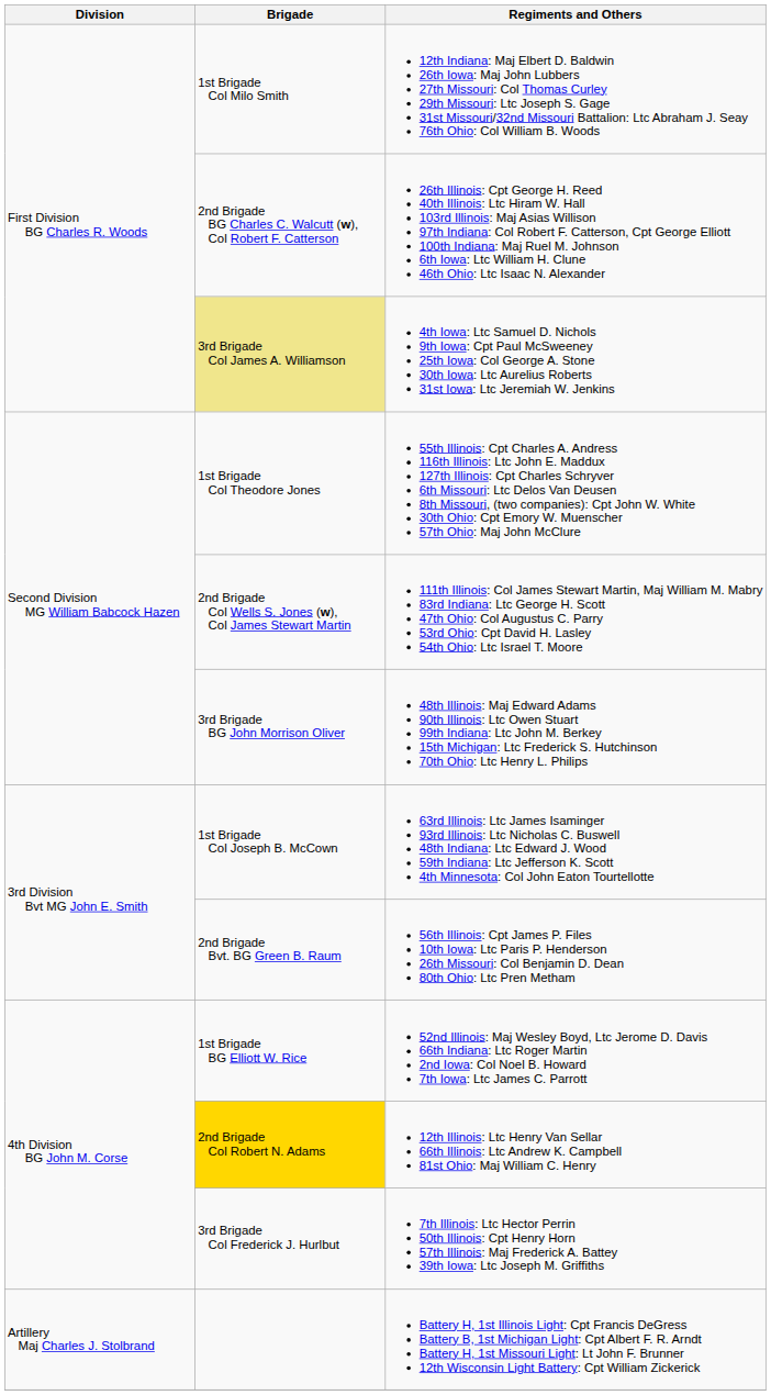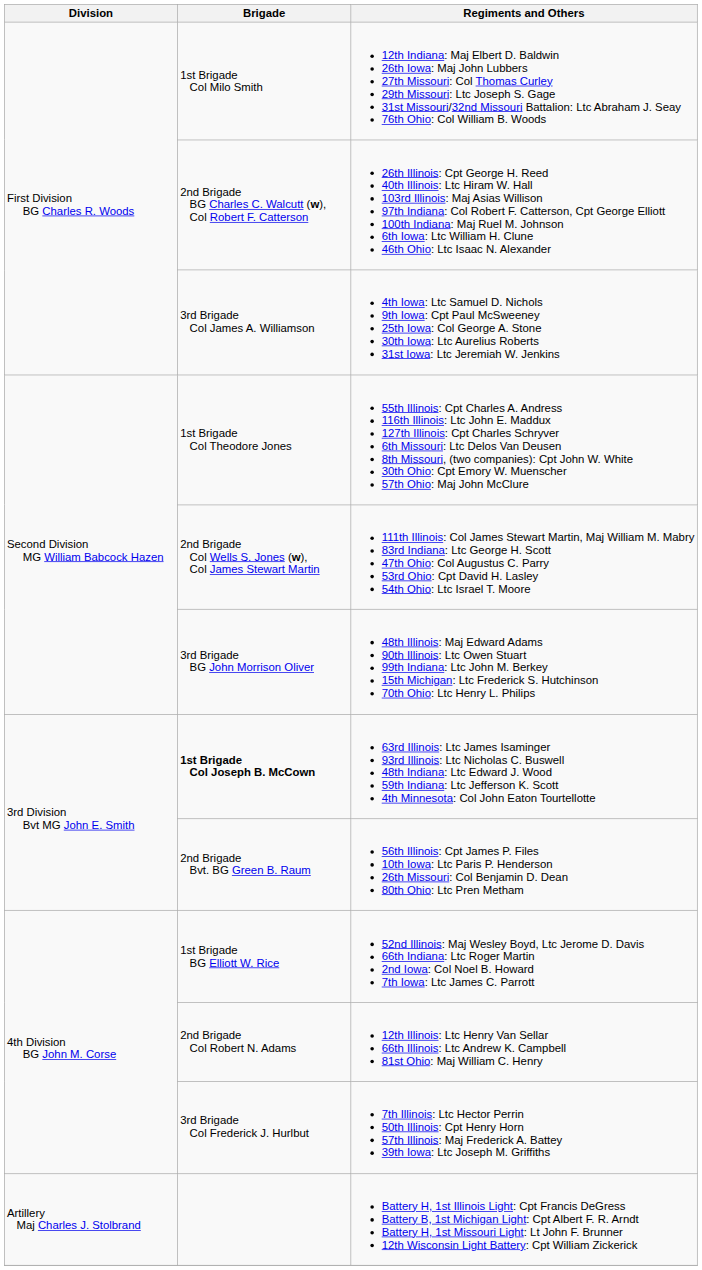 <table class="wikitable">
 <tr>
 <th width=25%>Division</th>
 <th width=25%>Brigade</th>
 <th>Regiments and Others</th>
 </tr>
 <tr>
 <td rowspan=3><br>First Division <br>     BG <a href='#'>Charles R. Woods</a></td>
 <td>1st Brigade<br>   Col Milo Smith</td>
 <td><br><ul><li><a href='#'>12th Indiana</a>: Maj Elbert D. Baldwin</li><li><a href='#'>26th Iowa</a>: Maj John Lubbers</li><li><a href='#'>27th Missouri</a>: Col <a href='#'>Thomas Curley</a></li><li><a href='#'>29th Missouri</a>: Ltc Joseph S. Gage</li><li><a href='#'>31st Missouri</a>/<a href='#'>32nd Missouri</a> Battalion: Ltc Abraham J. Seay</li><li><a href='#'>76th Ohio</a>: Col William B. Woods</li></ul></td>
 </tr>
 <tr>
 <td>2nd Brigade<br>   BG <a href='#'>Charles C. Walcutt</a> (<strong>w</strong>),<br>   Col <a href='#'>Robert F. Catterson</a></td>
 <td><br><ul><li><a href='#'>26th Illinois</a>: Cpt George H. Reed</li><li><a href='#'>40th Illinois</a>: Ltc Hiram W. Hall</li><li><a href='#'>103rd Illinois</a>: Maj Asias Willison</li><li><a href='#'>97th Indiana</a>: Col Robert F. Catterson, Cpt George Elliott</li><li><a href='#'>100th Indiana</a>: Maj Ruel M. Johnson</li><li><a href='#'>6th Iowa</a>: Ltc William H. Clune</li><li><a href='#'>46th Ohio</a>: Ltc Isaac N. Alexander</li></ul></td>
 </tr>
 <tr>
-<td style="background: khaki;">3rd Brigade<br>   Col James A. Williamson</td>
+<td>3rd Brigade<br>   Col James A. Williamson</td>
 <td><br><ul><li><a href='#'>4th Iowa</a>: Ltc Samuel D. Nichols</li><li><a href='#'>9th Iowa</a>: Cpt Paul McSweeney</li><li><a href='#'>25th Iowa</a>: Col George A. Stone</li><li><a href='#'>30th Iowa</a>: Ltc Aurelius Roberts</li><li><a href='#'>31st Iowa</a>: Ltc Jeremiah W. Jenkins</li></ul></td>
 </tr>
 <tr>
 <td rowspan=3><br>Second Division <br>     MG <a href='#'>William Babcock Hazen</a></td>
 <td>1st Brigade<br>   Col Theodore Jones</td>
 <td><br><ul><li><a href='#'>55th Illinois</a>: Cpt Charles A. Andress</li><li><a href='#'>116th Illinois</a>: Ltc John E. Maddux</li><li><a href='#'>127th Illinois</a>: Cpt Charles Schryver</li><li><a href='#'>6th Missouri</a>: Ltc Delos Van Deusen</li><li><a href='#'>8th Missouri</a>, (two companies): Cpt John W. White</li><li><a href='#'>30th Ohio</a>:  Cpt Emory W. Muenscher</li><li><a href='#'>57th Ohio</a>: Maj John McClure</li></ul></td>
 </tr>
 <tr>
 <td>2nd Brigade<br>   Col <a href='#'>Wells S. Jones</a> (<strong>w</strong>),<br>   Col <a href='#'>James Stewart Martin</a></td>
 <td><br><ul><li><a href='#'>111th Illinois</a>: Col James Stewart Martin, Maj William M. Mabry</li><li><a href='#'>83rd Indiana</a>: Ltc George H. Scott</li><li><a href='#'>47th Ohio</a>: Col Augustus C. Parry</li><li><a href='#'>53rd Ohio</a>: Cpt David H. Lasley</li><li><a href='#'>54th Ohio</a>: Ltc Israel T. Moore</li></ul></td>
 </tr>
 <tr>
 <td>3rd Brigade<br>   BG <a href='#'>John Morrison Oliver</a></td>
 <td><br><ul><li><a href='#'>48th Illinois</a>: Maj Edward Adams</li><li><a href='#'>90th Illinois</a>: Ltc Owen Stuart</li><li><a href='#'>99th Indiana</a>: Ltc John M. Berkey</li><li><a href='#'>15th Michigan</a>: Ltc Frederick S. Hutchinson</li><li><a href='#'>70th Ohio</a>: Ltc Henry L. Philips</li></ul></td>
 </tr>
 <tr>
 <td rowspan=2><br>3rd Division <br>     Bvt MG <a href='#'>John E. Smith</a></td>
-<td>1st Brigade<br>   Col Joseph B. McCown</td>
+<td><strong>1st Brigade<br>   Col Joseph B. McCown</strong></td>
 <td><br><ul><li><a href='#'>63rd Illinois</a>: Ltc James Isaminger</li><li><a href='#'>93rd Illinois</a>: Ltc Nicholas C. Buswell</li><li><a href='#'>48th Indiana</a>: Ltc Edward J. Wood</li><li><a href='#'>59th Indiana</a>: Ltc Jefferson K. Scott</li><li><a href='#'>4th Minnesota</a>: Col John Eaton Tourtellotte</li></ul></td>
 </tr>
 <tr>
 <td>2nd Brigade<br>   Bvt. BG <a href='#'>Green B. Raum</a>   </td>
 <td><br><ul><li><a href='#'>56th Illinois</a>: Cpt James P. Files</li><li><a href='#'>10th Iowa</a>: Ltc Paris P. Henderson</li><li><a href='#'>26th Missouri</a>: Col Benjamin D. Dean</li><li><a href='#'>80th Ohio</a>: Ltc Pren Metham</li></ul></td>
 </tr>
 <tr>
 <td rowspan="3"><br>4th Division <br>     BG <a href='#'>John M. Corse</a></td>
 <td>1st Brigade<br>   BG <a href='#'>Elliott W. Rice</a></td>
 <td><br><ul><li><a href='#'>52nd Illinois</a>: Maj Wesley Boyd, Ltc Jerome D. Davis</li><li><a href='#'>66th Indiana</a>: Ltc Roger Martin</li><li><a href='#'>2nd Iowa</a>: Col Noel B. Howard</li><li><a href='#'>7th Iowa</a>: Ltc James C. Parrott</li></ul></td>
 </tr>
 <tr>
-<td style="background: gold;">2nd Brigade<br>   Col Robert N. Adams</td>
+<td>2nd Brigade<br>   Col Robert N. Adams</td>
 <td><br><ul><li><a href='#'>12th Illinois</a>: Ltc Henry Van Sellar</li><li><a href='#'>66th Illinois</a>: Ltc Andrew K. Campbell</li><li><a href='#'>81st Ohio</a>: Maj William C. Henry</li></ul></td>
 </tr>
 <tr>
 <td>3rd Brigade<br>   Col Frederick J. Hurlbut</td>
 <td><br><ul><li><a href='#'>7th Illinois</a>: Ltc Hector Perrin</li><li><a href='#'>50th Illinois</a>: Cpt Henry Horn</li><li><a href='#'>57th Illinois</a>: Maj Frederick A. Battey</li><li><a href='#'>39th Iowa</a>: Ltc Joseph M. Griffiths</li></ul></td>
 </tr>
 <tr>
 <td>Artillery<br>   Maj <a href='#'>Charles J. Stolbrand</a></td>
 <td></td>
 <td><br><ul><li><a href='#'>Battery H, 1st Illinois Light</a>: Cpt Francis DeGress</li><li><a href='#'>Battery B, 1st Michigan Light</a>: Cpt Albert F. R. Arndt</li><li><a href='#'>Battery H, 1st Missouri Light</a>: Lt John F. Brunner</li><li><a href='#'>12th Wisconsin Light Battery</a>: Cpt William Zickerick</li></ul></td>
 </tr>
 <tr>
 </tr>
 </table>
